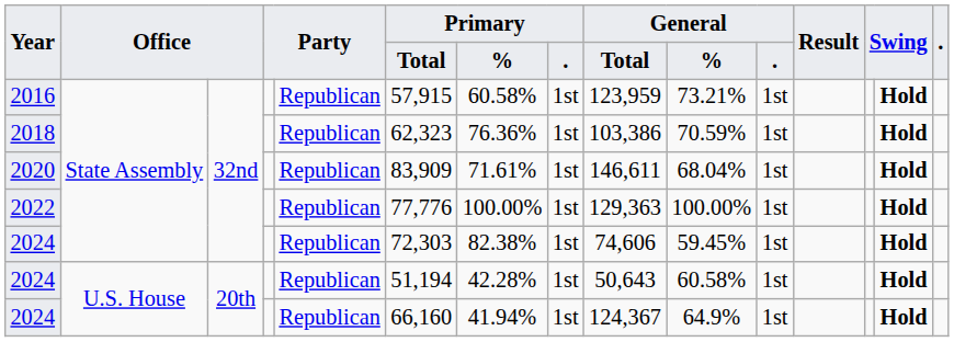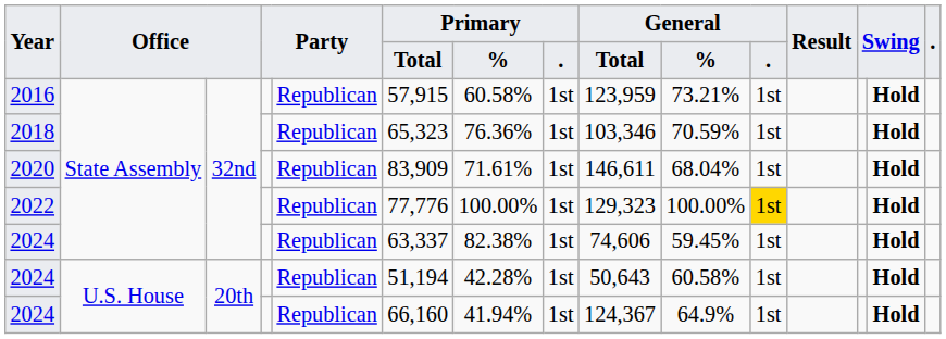 <table class="wikitable" style="font-size:90%; text-align:center;">
 <tr>
 <th style="background-color:#EAECF0;" rowspan=2>Year</th>
 <th colspan="2" rowspan="2" style="background-color:#EAECF0;">Office</th>
 <th style="background-color:#EAECF0;" colspan=2 rowspan=2>Party</th>
 <th style="background-color:#EAECF0;" colspan=3>Primary</th>
 <th style="background-color:#EAECF0;" colspan=3>General</th>
 <th style="background-color:#EAECF0;" rowspan=2>Result</th>
 <th style="background-color:#EAECF0;" colspan=2 rowspan=2><a href='#'>Swing</a></th>
 <th style="background-color:#EAECF0;" rowspan=2>.</th>
 </tr>
 <tr>
 <th style="background-color:#EAECF0;">Total</th>
 <th style="background-color:#EAECF0;">%</th>
 <th style="background-color:#EAECF0;">.</th>
 <th style="background-color:#EAECF0;">Total</th>
 <th style="background-color:#EAECF0;">%</th>
 <th style="background-color:#EAECF0;">.</th>
 </tr>
 <tr>
 <td style="background-color:#EAECF0;"><a href='#'>2016</a></td>
 <td rowspan=5><a href='#'>State Assembly</a></td>
 <td rowspan="5"><a href='#'>32nd</a></td>
 <td style="background-color:"></td>
 <td><a href='#'>Republican</a></td>
 <td>57,915</td>
 <td>60.58%</td>
 <td>1st</td>
 <td>123,959</td>
 <td>73.21%</td>
 <td>1st</td>
 <td></td>
 <td style="background-color:"></td>
 <td><strong>Hold</strong></td>
 <td></td>
 </tr>
 <tr>
 <td style="background-color:#EAECF0;"><a href='#'>2018</a></td>
 <td style="background-color:"></td>
 <td><a href='#'>Republican</a></td>
-<td>62,323</td>
+<td>65,323</td>
 <td>76.36%</td>
 <td>1st</td>
-<td>103,386</td>
+<td>103,346</td>
 <td>70.59%</td>
 <td>1st</td>
 <td></td>
 <td style="background-color:"></td>
 <td><strong>Hold</strong></td>
 <td></td>
 </tr>
 <tr>
 <td style="background-color:#EAECF0;"><a href='#'>2020</a></td>
 <td style="background-color:"></td>
 <td><a href='#'>Republican</a></td>
 <td>83,909</td>
 <td>71.61%</td>
 <td>1st</td>
 <td>146,611</td>
 <td>68.04%</td>
 <td>1st</td>
 <td></td>
 <td style="background-color:"></td>
 <td><strong>Hold</strong></td>
 <td></td>
 </tr>
 <tr>
 <td style="background-color:#EAECF0;"><a href='#'>2022</a></td>
 <td style="background-color:"></td>
 <td><a href='#'>Republican</a></td>
 <td>77,776</td>
 <td>100.00%</td>
 <td>1st</td>
-<td>129,363</td>
+<td>129,323</td>
 <td>100.00%</td>
-<td>1st</td>
+<td style="background: gold;">1st</td>
 <td></td>
 <td style="background-color:"></td>
 <td><strong>Hold</strong></td>
 <td></td>
 </tr>
 <tr>
 <td style="background-color:#EAECF0;"><a href='#'>2024</a></td>
 <td style="background-color:"></td>
 <td><a href='#'>Republican</a></td>
-<td>72,303</td>
+<td>63,337</td>
 <td>82.38%</td>
 <td>1st</td>
 <td>74,606</td>
 <td>59.45%</td>
 <td>1st</td>
 <td></td>
 <td style="background-color:"></td>
 <td><strong>Hold</strong></td>
 <td></td>
 </tr>
 <tr>
 <td style="background-color:#EAECF0;"><a href='#'>2024</a></td>
 <td rowspan=2><a href='#'>U.S. House</a></td>
 <td rowspan=2><a href='#'>20th</a></td>
 <td style="background-color:"></td>
 <td><a href='#'>Republican</a></td>
 <td>51,194</td>
 <td>42.28%</td>
 <td>1st</td>
 <td>50,643</td>
 <td>60.58%</td>
 <td>1st</td>
 <td></td>
 <td style="background-color:"></td>
 <td><strong>Hold</strong></td>
 <td></td>
 </tr>
 <tr>
 <td style="background-color:#EAECF0;"><a href='#'>2024</a></td>
 <td style="background-color:"></td>
 <td><a href='#'>Republican</a></td>
 <td>66,160</td>
 <td>41.94%</td>
 <td>1st</td>
 <td>124,367</td>
 <td>64.9%</td>
 <td>1st</td>
 <td></td>
 <td style="background-color:"></td>
 <td><strong>Hold</strong></td>
 <td></td>
 </tr>
 </table>
